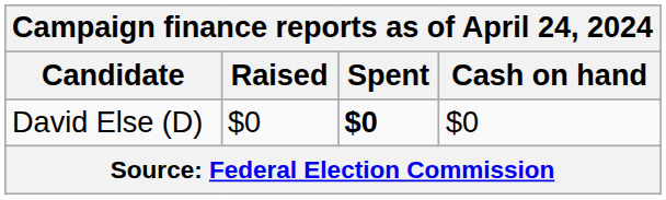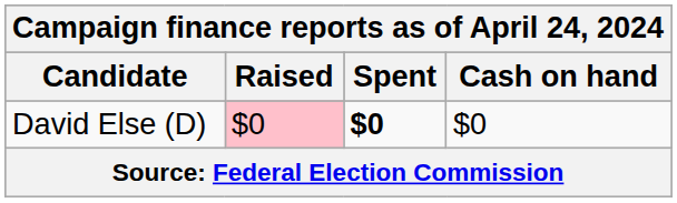 <table class="wikitable sortable">
 <tr>
 <th colspan="4">Campaign finance reports as of April 24, 2024</th>
 </tr>
 <tr style="text-align:center;">
 <th>Candidate</th>
 <th>Raised</th>
 <th>Spent</th>
 <th>Cash on hand</th>
 </tr>
 <tr>
 <td>David Else (D)</td>
-<td>$0</td>
+<td style="background: pink;">$0</td>
 <td><strong>$0</strong></td>
 <td>$0</td>
 </tr>
 <tr>
 <th colspan="4"><small>Source: <a href='#'>Federal Election Commission</a></small></th>
 </tr>
 </table>
